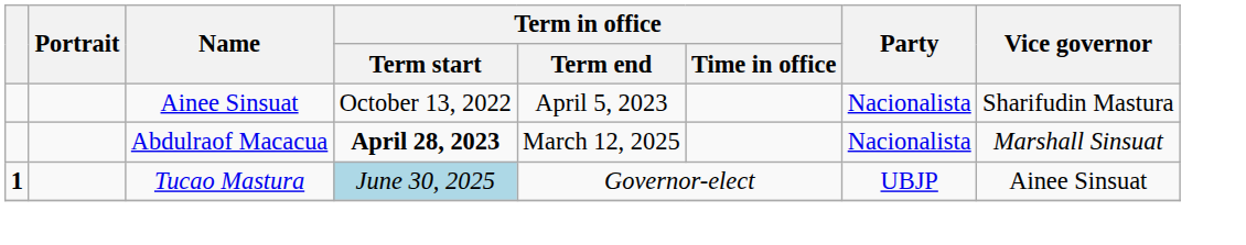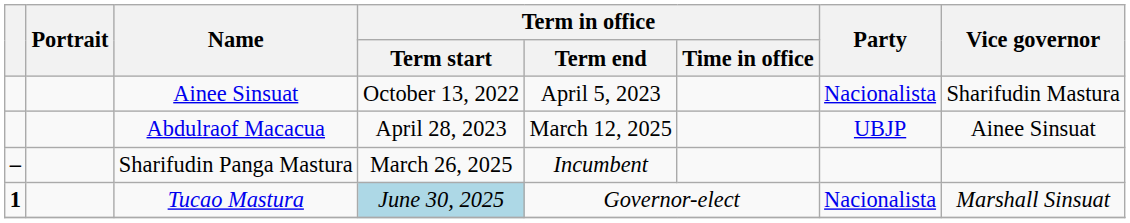 <table class="wikitable" style="text-align:center">
 <tr>
 <th rowspan="2"></th>
 <th rowspan="2">Portrait</th>
 <th rowspan="2">Name</th>
 <th colspan="3">Term in office</th>
 <th rowspan="2">Party</th>
 <th rowspan="2">Vice governor</th>
 </tr>
 <tr>
 <th>Term start</th>
 <th>Term end</th>
 <th>Time in office</th>
 </tr>
 <tr>
 <td style="background:"><strong></strong></td>
 <td></td>
 <td><a href='#'>Ainee Sinsuat</a></td>
 <td>October 13, 2022</td>
 <td>April 5, 2023</td>
 <td></td>
 <td><a href='#'>Nacionalista</a></td>
 <td>Sharifudin Mastura</td>
 </tr>
 <tr>
 <td style="background:"><strong></strong></td>
 <td></td>
 <td><a href='#'>Abdulraof Macacua</a></td>
-<td><strong>April 28, 2023</strong></td>
+<td>April 28, 2023</td>
 <td>March 12, 2025</td>
 <td></td>
-<td><a href='#'>Nacionalista</a></td>
-<td><em>Marshall Sinsuat</em></td>
+<td><a href='#'>UBJP</a></td>
+<td>Ainee Sinsuat</td>
+</tr>
+<tr>
+<td><strong>–</strong></td>
+<td></td>
+<td>Sharifudin Panga Mastura</td>
+<td>March 26, 2025</td>
+<td><em>Incumbent</em></td>
+<td></td>
+<td></td>
+<td></td>
 </tr>
 <tr>
 <td style="background:"><strong>1</strong></td>
 <td></td>
 <td><em><a href='#'>Tucao Mastura</a></em></td>
 <td style="background: lightblue;"><em>June 30, 2025</em></td>
 <td colspan = 2><em>Governor-elect</em></td>
-<td><a href='#'>UBJP</a></td>
-<td>Ainee Sinsuat</td>
+<td><a href='#'>Nacionalista</a></td>
+<td><em>Marshall Sinsuat</em></td>
 </tr>
 <tr>
 </tr>
 </table>
